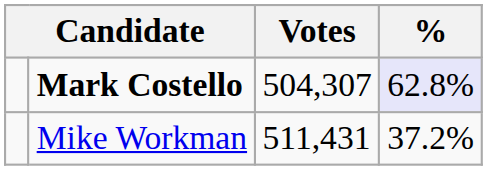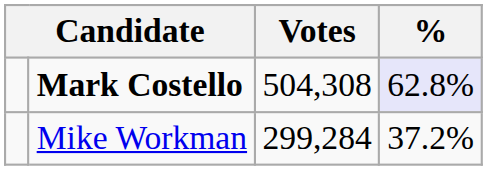 <table class="wikitable">
 <tr>
 <th colspan="2" rowspan="1" align="center" valign="top"><strong>Candidate</strong></th>
 <th valign="top"><strong>Votes</strong></th>
 <th valign="top"><strong>%</strong></th>
 </tr>
 <tr>
 <td style="background-color:"> </td>
 <td><strong>Mark Costello</strong></td>
-<td>504,307</td>
+<td>504,308</td>
 <td style="background: lavender;">62.8%</td>
 </tr>
 <tr>
 <td style="background-color:"> </td>
 <td><a href='#'>Mike Workman</a></td>
-<td>511,431</td>
+<td>299,284</td>
 <td>37.2%</td>
 </tr>
 </table>
